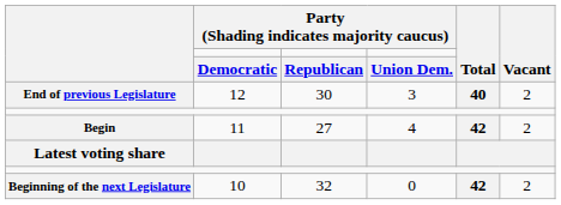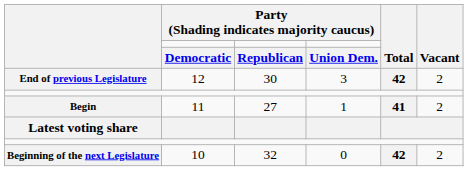 <table class=wikitable style="text-align:center">
 <tr style="vertical-align:bottom;">
 <th rowspan=3></th>
 <th colspan=3>Party <div>(Shading indicates majority caucus)</div></th>
 <th rowspan=3>Total</th>
 <th rowspan=3>Vacant</th>
 </tr>
 <tr style="height:5px">
 <td style="background-color:"></td>
 <td style="background-color:"></td>
 <td style="background-color:"></td>
 </tr>
 <tr>
 <th><a href='#'>Democratic</a></th>
 <th><a href='#'>Republican</a></th>
 <th><a href='#'>Union Dem.</a></th>
 </tr>
 <tr>
 <th style="white-space:nowrap; font-size:80%;">End of <a href='#'>previous Legislature</a></th>
 <td>12</td>
 <td>30</td>
 <td>3</td>
-<th>40</th>
+<th>42</th>
 <td>2</td>
 </tr>
 <tr>
 <td colspan=6></td>
 </tr>
 <tr>
 <th style="font-size:80%">Begin</th>
 <td>11</td>
 <td>27</td>
-<td>4</td>
-<th>42</th>
+<td>1</td>
+<th>41</th>
 <td>2</td>
 </tr>
 <tr>
 <th>Latest voting share</th>
 <th></th>
 <th></th>
 <th></th>
 <th colspan=2></th>
 </tr>
 <tr>
 <td colspan=6></td>
 </tr>
 <tr>
 <th style="white-space:nowrap; font-size:80%;">Beginning of the <a href='#'>next Legislature</a></th>
 <td>10</td>
 <td>32</td>
 <td>0</td>
 <th>42</th>
 <td>2</td>
 </tr>
 </table>
